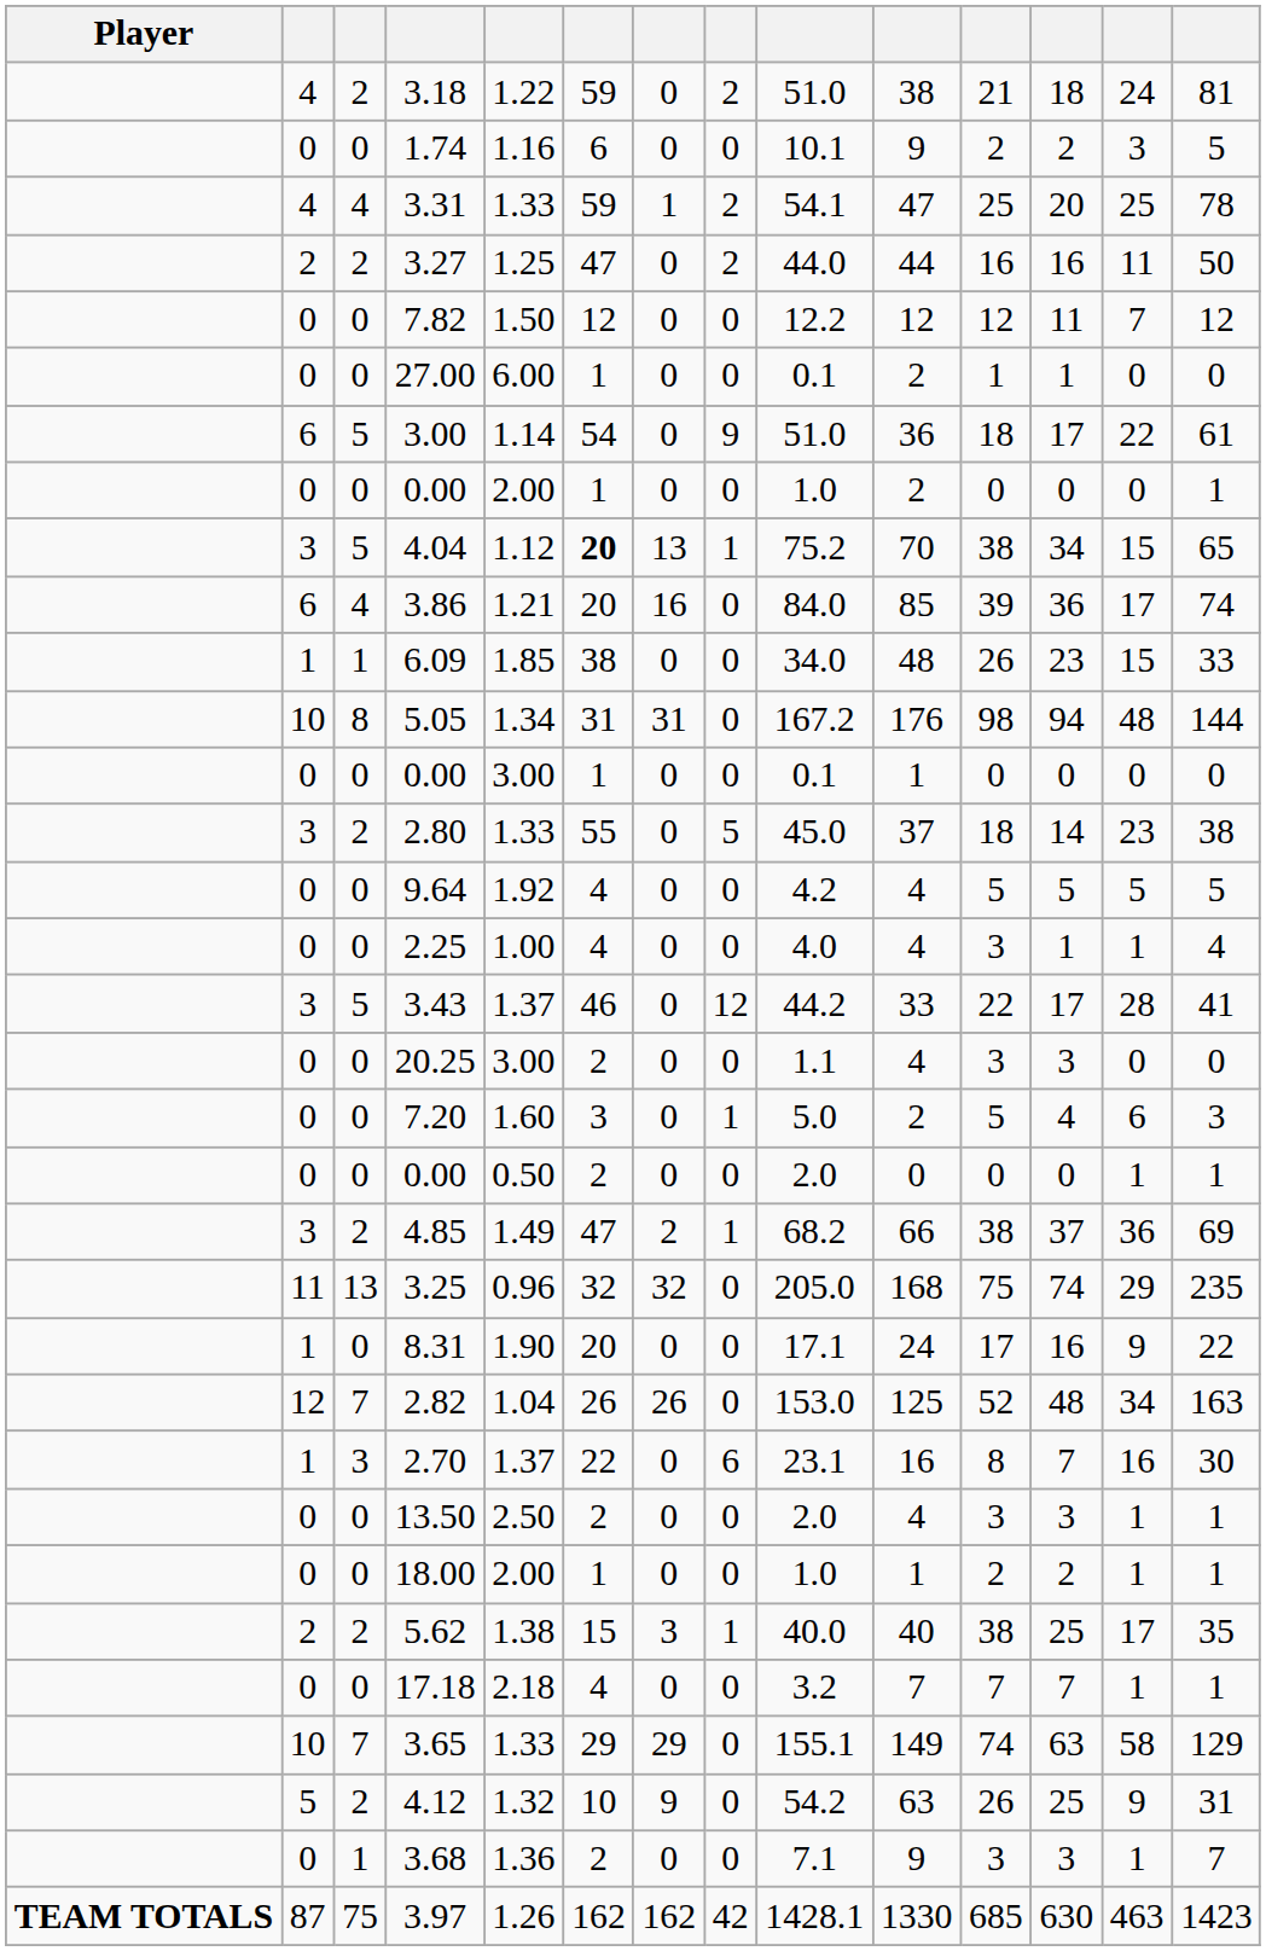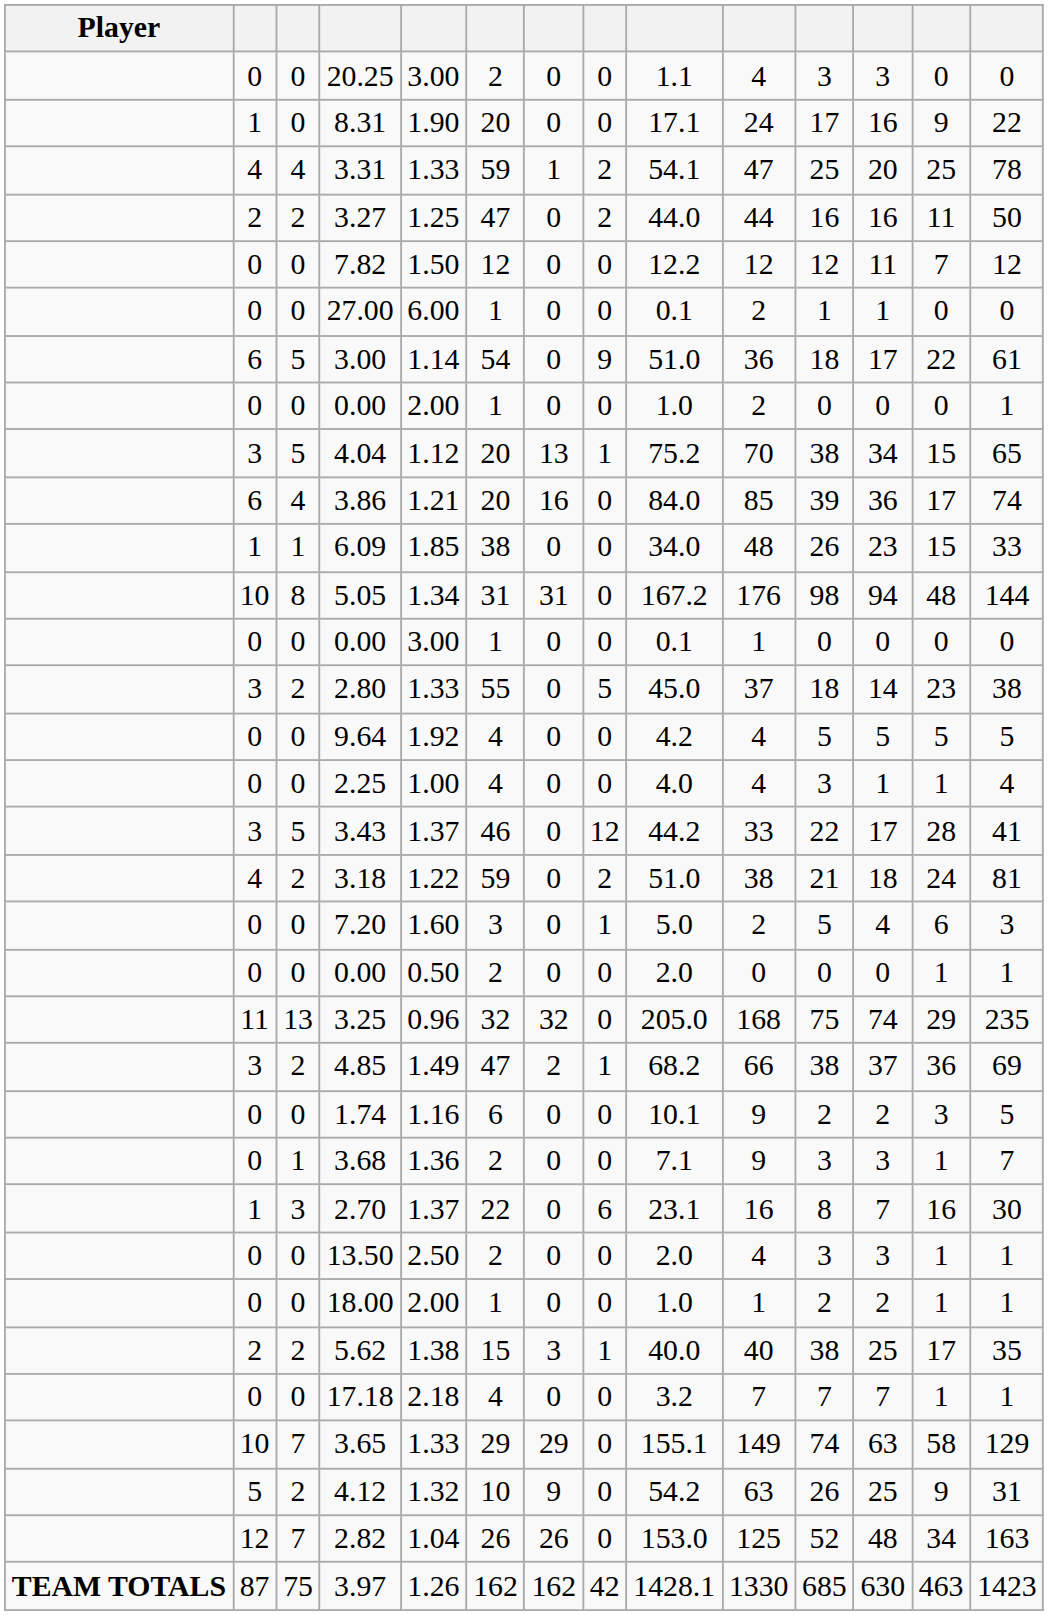 <table class="wikitable sortable" style="text-align:center;">
 <tr>
 <th>Player</th>
 <th></th>
 <th></th>
 <th></th>
 <th></th>
 <th></th>
 <th></th>
 <th></th>
 <th></th>
 <th></th>
 <th></th>
 <th></th>
 <th></th>
 <th></th>
 </tr>
 <tr>
-<td align=left><strong></strong></td>
+<td align=left></td>
+<td>0</td>
+<td>0</td>
+<td>20.25</td>
+<td>3.00</td>
+<td>2</td>
+<td>0</td>
+<td>0</td>
+<td>1.1</td>
 <td>4</td>
-<td>2</td>
-<td>3.18</td>
-<td>1.22</td>
-<td>59</td>
+<td>3</td>
+<td>3</td>
 <td>0</td>
-<td>2</td>
-<td>51.0</td>
-<td>38</td>
-<td>21</td>
-<td>18</td>
-<td>24</td>
-<td>81</td>
+<td>0</td>
 </tr>
 <tr>
 <td align=left></td>
+<td>1</td>
+<td>0</td>
+<td>8.31</td>
+<td>1.90</td>
+<td>20</td>
 <td>0</td>
 <td>0</td>
-<td>1.74</td>
-<td>1.16</td>
-<td>6</td>
-<td>0</td>
-<td>0</td>
-<td>10.1</td>
+<td>17.1</td>
+<td>24</td>
+<td>17</td>
+<td>16</td>
 <td>9</td>
-<td>2</td>
-<td>2</td>
-<td>3</td>
-<td>5</td>
+<td>22</td>
 </tr>
 <tr>
 <td align=left></td>
 <td>4</td>
 <td>4</td>
 <td>3.31</td>
 <td>1.33</td>
 <td>59</td>
 <td>1</td>
 <td>2</td>
 <td>54.1</td>
 <td>47</td>
 <td>25</td>
 <td>20</td>
 <td>25</td>
 <td>78</td>
 </tr>
 <tr>
 <td align=left></td>
 <td>2</td>
 <td>2</td>
 <td>3.27</td>
 <td>1.25</td>
 <td>47</td>
 <td>0</td>
 <td>2</td>
 <td>44.0</td>
 <td>44</td>
 <td>16</td>
 <td>16</td>
 <td>11</td>
 <td>50</td>
 </tr>
 <tr>
 <td align=left></td>
 <td>0</td>
 <td>0</td>
 <td>7.82</td>
 <td>1.50</td>
 <td>12</td>
 <td>0</td>
 <td>0</td>
 <td>12.2</td>
 <td>12</td>
 <td>12</td>
 <td>11</td>
 <td>7</td>
 <td>12</td>
 </tr>
 <tr>
 <td align=left></td>
 <td>0</td>
 <td>0</td>
 <td>27.00</td>
 <td>6.00</td>
 <td>1</td>
 <td>0</td>
 <td>0</td>
 <td>0.1</td>
 <td>2</td>
 <td>1</td>
 <td>1</td>
 <td>0</td>
 <td>0</td>
 </tr>
 <tr>
 <td align=left><strong></strong></td>
 <td>6</td>
 <td>5</td>
 <td>3.00</td>
 <td>1.14</td>
 <td>54</td>
 <td>0</td>
 <td>9</td>
 <td>51.0</td>
 <td>36</td>
 <td>18</td>
 <td>17</td>
 <td>22</td>
 <td>61</td>
 </tr>
 <tr>
 <td align=left></td>
 <td>0</td>
 <td>0</td>
 <td>0.00</td>
 <td>2.00</td>
 <td>1</td>
 <td>0</td>
 <td>0</td>
 <td>1.0</td>
 <td>2</td>
 <td>0</td>
 <td>0</td>
 <td>0</td>
 <td>1</td>
 </tr>
 <tr>
 <td align=left></td>
 <td>3</td>
 <td>5</td>
 <td>4.04</td>
 <td>1.12</td>
-<td><strong>20</strong></td>
+<td>20</td>
 <td>13</td>
 <td>1</td>
 <td>75.2</td>
 <td>70</td>
 <td>38</td>
 <td>34</td>
 <td>15</td>
 <td>65</td>
 </tr>
 <tr>
 <td align=left></td>
 <td>6</td>
 <td>4</td>
 <td>3.86</td>
 <td>1.21</td>
 <td>20</td>
 <td>16</td>
 <td>0</td>
 <td>84.0</td>
 <td>85</td>
 <td>39</td>
 <td>36</td>
 <td>17</td>
 <td>74</td>
 </tr>
 <tr>
 <td align=left></td>
 <td>1</td>
 <td>1</td>
 <td>6.09</td>
 <td>1.85</td>
 <td>38</td>
 <td>0</td>
 <td>0</td>
 <td>34.0</td>
 <td>48</td>
 <td>26</td>
 <td>23</td>
 <td>15</td>
 <td>33</td>
 </tr>
 <tr>
 <td align=left></td>
 <td>10</td>
 <td>8</td>
 <td>5.05</td>
 <td>1.34</td>
 <td>31</td>
 <td>31</td>
 <td>0</td>
 <td>167.2</td>
 <td>176</td>
 <td>98</td>
 <td>94</td>
 <td>48</td>
 <td>144</td>
 </tr>
 <tr>
 <td align=left><strong></strong></td>
 <td>0</td>
 <td>0</td>
 <td>0.00</td>
 <td>3.00</td>
 <td>1</td>
 <td>0</td>
 <td>0</td>
 <td>0.1</td>
 <td>1</td>
 <td>0</td>
 <td>0</td>
 <td>0</td>
 <td>0</td>
 </tr>
 <tr>
 <td align=left></td>
 <td>3</td>
 <td>2</td>
 <td>2.80</td>
 <td>1.33</td>
 <td>55</td>
 <td>0</td>
 <td>5</td>
 <td>45.0</td>
 <td>37</td>
 <td>18</td>
 <td>14</td>
 <td>23</td>
 <td>38</td>
 </tr>
 <tr>
 <td align=left></td>
 <td>0</td>
 <td>0</td>
 <td>9.64</td>
 <td>1.92</td>
 <td>4</td>
 <td>0</td>
 <td>0</td>
 <td>4.2</td>
 <td>4</td>
 <td>5</td>
 <td>5</td>
 <td>5</td>
 <td>5</td>
 </tr>
 <tr>
 <td align=left></td>
 <td>0</td>
 <td>0</td>
 <td>2.25</td>
 <td>1.00</td>
 <td>4</td>
 <td>0</td>
 <td>0</td>
 <td>4.0</td>
 <td>4</td>
 <td>3</td>
 <td>1</td>
 <td>1</td>
 <td>4</td>
 </tr>
 <tr>
 <td align=left></td>
 <td>3</td>
 <td>5</td>
 <td>3.43</td>
 <td>1.37</td>
 <td>46</td>
 <td>0</td>
 <td>12</td>
 <td>44.2</td>
 <td>33</td>
 <td>22</td>
 <td>17</td>
 <td>28</td>
 <td>41</td>
 </tr>
 <tr>
-<td align=left></td>
+<td align=left><strong></strong></td>
+<td>4</td>
+<td>2</td>
+<td>3.18</td>
+<td>1.22</td>
+<td>59</td>
 <td>0</td>
-<td>0</td>
-<td>20.25</td>
-<td>3.00</td>
 <td>2</td>
-<td>0</td>
-<td>0</td>
-<td>1.1</td>
-<td>4</td>
-<td>3</td>
-<td>3</td>
-<td>0</td>
-<td>0</td>
+<td>51.0</td>
+<td>38</td>
+<td>21</td>
+<td>18</td>
+<td>24</td>
+<td>81</td>
 </tr>
 <tr>
 <td align=left></td>
 <td>0</td>
 <td>0</td>
 <td>7.20</td>
 <td>1.60</td>
 <td>3</td>
 <td>0</td>
 <td>1</td>
 <td>5.0</td>
 <td>2</td>
 <td>5</td>
 <td>4</td>
 <td>6</td>
 <td>3</td>
 </tr>
 <tr>
 <td align=left></td>
 <td>0</td>
 <td>0</td>
 <td>0.00</td>
 <td>0.50</td>
 <td>2</td>
 <td>0</td>
 <td>0</td>
 <td>2.0</td>
 <td>0</td>
 <td>0</td>
 <td>0</td>
 <td>1</td>
 <td>1</td>
 </tr>
 <tr>
 <td align=left><strong></strong></td>
+<td>11</td>
+<td>13</td>
+<td>3.25</td>
+<td>0.96</td>
+<td>32</td>
+<td>32</td>
+<td>0</td>
+<td>205.0</td>
+<td>168</td>
+<td>75</td>
+<td>74</td>
+<td>29</td>
+<td>235</td>
+</tr>
+<tr>
+<td align=left><strong></strong></td>
 <td>3</td>
 <td>2</td>
 <td>4.85</td>
 <td>1.49</td>
 <td>47</td>
 <td>2</td>
 <td>1</td>
 <td>68.2</td>
 <td>66</td>
 <td>38</td>
 <td>37</td>
 <td>36</td>
 <td>69</td>
 </tr>
 <tr>
-<td align=left><strong></strong></td>
-<td>11</td>
-<td>13</td>
-<td>3.25</td>
-<td>0.96</td>
-<td>32</td>
-<td>32</td>
+<td align=left></td>
 <td>0</td>
-<td>205.0</td>
-<td>168</td>
-<td>75</td>
-<td>74</td>
-<td>29</td>
-<td>235</td>
+<td>0</td>
+<td>1.74</td>
+<td>1.16</td>
+<td>6</td>
+<td>0</td>
+<td>0</td>
+<td>10.1</td>
+<td>9</td>
+<td>2</td>
+<td>2</td>
+<td>3</td>
+<td>5</td>
 </tr>
 <tr>
 <td align=left></td>
+<td>0</td>
 <td>1</td>
-<td>0</td>
-<td>8.31</td>
-<td>1.90</td>
-<td>20</td>
+<td>3.68</td>
+<td>1.36</td>
+<td>2</td>
 <td>0</td>
 <td>0</td>
-<td>17.1</td>
-<td>24</td>
-<td>17</td>
-<td>16</td>
+<td>7.1</td>
 <td>9</td>
-<td>22</td>
-</tr>
-<tr>
-<td align=left><strong></strong></td>
-<td>12</td>
+<td>3</td>
+<td>3</td>
+<td>1</td>
 <td>7</td>
-<td>2.82</td>
-<td>1.04</td>
-<td>26</td>
-<td>26</td>
-<td>0</td>
-<td>153.0</td>
-<td>125</td>
-<td>52</td>
-<td>48</td>
-<td>34</td>
-<td>163</td>
 </tr>
 <tr>
 <td align=left></td>
 <td>1</td>
 <td>3</td>
 <td>2.70</td>
 <td>1.37</td>
 <td>22</td>
 <td>0</td>
 <td>6</td>
 <td>23.1</td>
 <td>16</td>
 <td>8</td>
 <td>7</td>
 <td>16</td>
 <td>30</td>
 </tr>
 <tr>
 <td align=left></td>
 <td>0</td>
 <td>0</td>
 <td>13.50</td>
 <td>2.50</td>
 <td>2</td>
 <td>0</td>
 <td>0</td>
 <td>2.0</td>
 <td>4</td>
 <td>3</td>
 <td>3</td>
 <td>1</td>
 <td>1</td>
 </tr>
 <tr>
 <td align=left></td>
 <td>0</td>
 <td>0</td>
 <td>18.00</td>
 <td>2.00</td>
 <td>1</td>
 <td>0</td>
 <td>0</td>
 <td>1.0</td>
 <td>1</td>
 <td>2</td>
 <td>2</td>
 <td>1</td>
 <td>1</td>
 </tr>
 <tr>
 <td align=left><strong></strong></td>
 <td>2</td>
 <td>2</td>
 <td>5.62</td>
 <td>1.38</td>
 <td>15</td>
 <td>3</td>
 <td>1</td>
 <td>40.0</td>
 <td>40</td>
 <td>38</td>
 <td>25</td>
 <td>17</td>
 <td>35</td>
 </tr>
 <tr>
 <td align=left><strong></strong></td>
 <td>0</td>
 <td>0</td>
 <td>17.18</td>
 <td>2.18</td>
 <td>4</td>
 <td>0</td>
 <td>0</td>
 <td>3.2</td>
 <td>7</td>
 <td>7</td>
 <td>7</td>
 <td>1</td>
 <td>1</td>
 </tr>
 <tr>
 <td align=left><strong></strong></td>
 <td>10</td>
 <td>7</td>
 <td>3.65</td>
 <td>1.33</td>
 <td>29</td>
 <td>29</td>
 <td>0</td>
 <td>155.1</td>
 <td>149</td>
 <td>74</td>
 <td>63</td>
 <td>58</td>
 <td>129</td>
 </tr>
 <tr>
 <td align=left></td>
 <td>5</td>
 <td>2</td>
 <td>4.12</td>
 <td>1.32</td>
 <td>10</td>
 <td>9</td>
 <td>0</td>
 <td>54.2</td>
 <td>63</td>
 <td>26</td>
 <td>25</td>
 <td>9</td>
 <td>31</td>
 </tr>
 <tr>
-<td align=left></td>
+<td align=left><strong></strong></td>
+<td>12</td>
+<td>7</td>
+<td>2.82</td>
+<td>1.04</td>
+<td>26</td>
+<td>26</td>
 <td>0</td>
-<td>1</td>
-<td>3.68</td>
-<td>1.36</td>
-<td>2</td>
-<td>0</td>
-<td>0</td>
-<td>7.1</td>
-<td>9</td>
-<td>3</td>
-<td>3</td>
-<td>1</td>
-<td>7</td>
+<td>153.0</td>
+<td>125</td>
+<td>52</td>
+<td>48</td>
+<td>34</td>
+<td>163</td>
 </tr>
 <tr class="sortbottom">
 <td align="left"><strong>TEAM TOTALS</strong></td>
 <td>87</td>
 <td>75</td>
 <td>3.97</td>
 <td>1.26</td>
 <td>162</td>
 <td>162</td>
 <td>42</td>
 <td>1428.1</td>
 <td>1330</td>
 <td>685</td>
 <td>630</td>
 <td>463</td>
 <td>1423</td>
 </tr>
 </table>
